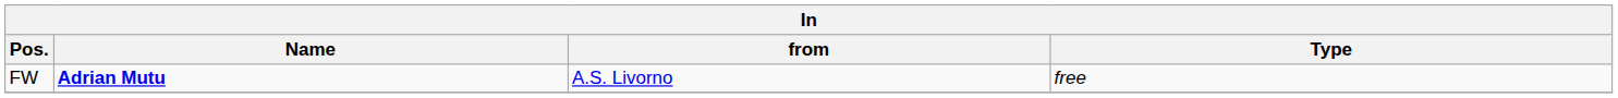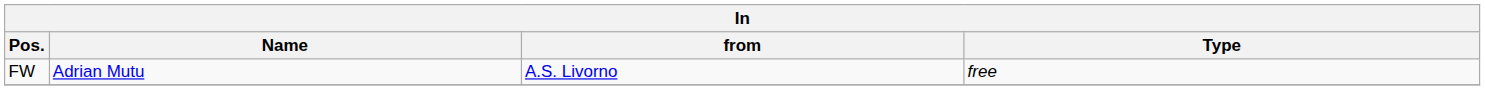 <table class="wikitable" style="font-size:90%;width:99%;">
 <tr>
 <th colspan="4">In</th>
 </tr>
 <tr>
 <th width=3%>Pos.</th>
 <th width=32%>Name</th>
 <th width=30%>from</th>
 <th width=35%>Type</th>
 </tr>
 <tr>
 <td>FW</td>
-<td><strong><a href='#'>Adrian Mutu</a></strong></td>
+<td><a href='#'>Adrian Mutu</a></td>
 <td><a href='#'>A.S. Livorno</a></td>
 <td><em>free</em></td>
 </tr>
 <tr>
 </tr>
 </table>
